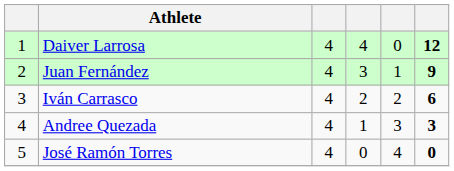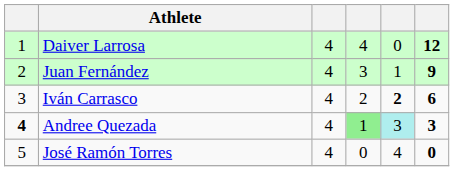 <table class="wikitable" style="text-align: center; font-size:100% ">
 <tr>
 <th width=25></th>
 <th width=250>Athlete</th>
 <th width=25></th>
 <th width=25></th>
 <th width=25></th>
 <th width=25></th>
 </tr>
 <tr bgcolor="ccffcc">
 <td>1</td>
 <td align=left> <a href='#'>Daiver Larrosa</a></td>
 <td>4</td>
 <td>4</td>
 <td>0</td>
 <td><strong>12</strong></td>
 </tr>
 <tr bgcolor="ccffcc">
 <td>2</td>
 <td align=left> <a href='#'>Juan Fernández</a></td>
 <td>4</td>
 <td>3</td>
 <td>1</td>
 <td><strong>9</strong></td>
 </tr>
 <tr>
 <td>3</td>
 <td align=left> <a href='#'>Iván Carrasco</a></td>
 <td>4</td>
 <td>2</td>
-<td>2</td>
+<td><strong>2</strong></td>
 <td><strong>6</strong></td>
 </tr>
 <tr>
-<td>4</td>
+<td><strong>4</strong></td>
 <td align=left> <a href='#'>Andree Quezada</a></td>
 <td>4</td>
-<td>1</td>
-<td>3</td>
+<td style="background: lightgreen;">1</td>
+<td style="background: paleturquoise;">3</td>
 <td><strong>3</strong></td>
 </tr>
 <tr>
 <td>5</td>
 <td align=left> <a href='#'>José Ramón Torres</a></td>
 <td>4</td>
 <td>0</td>
 <td>4</td>
 <td><strong>0</strong></td>
 </tr>
 <tr>
 </tr>
 </table>
